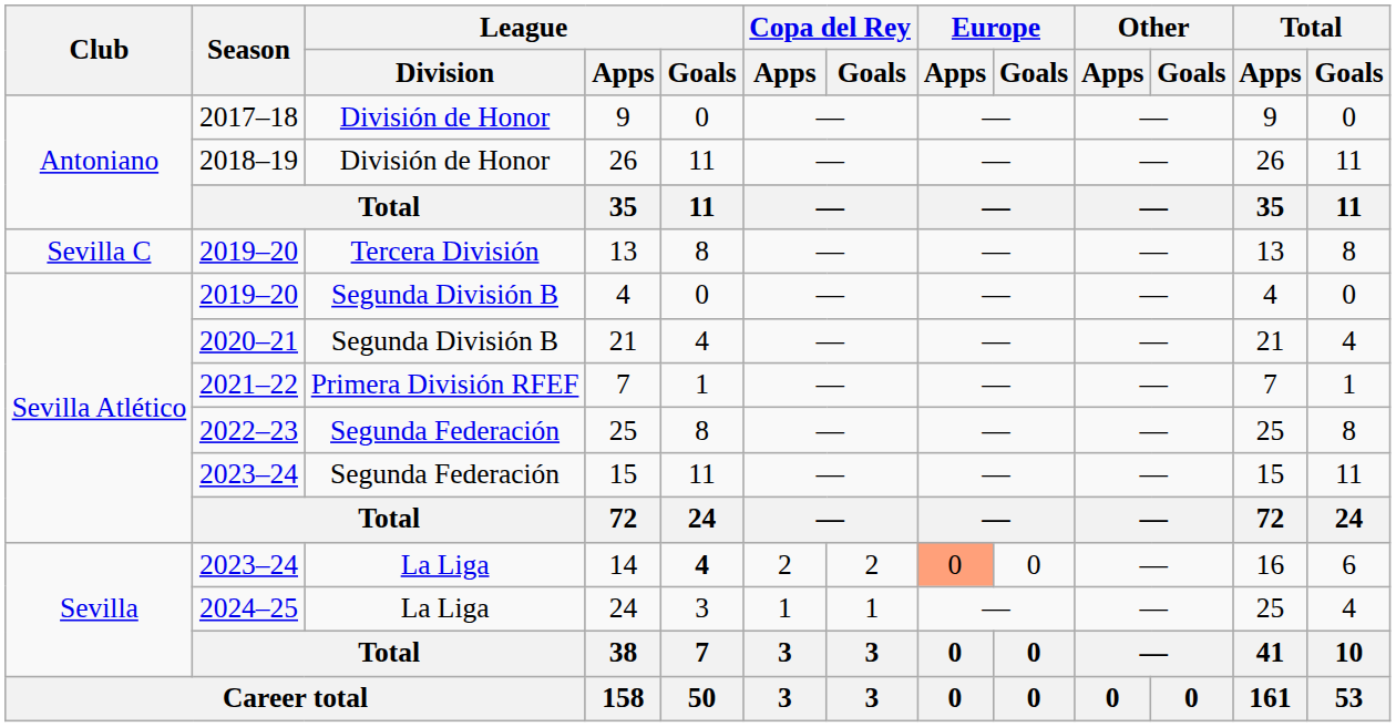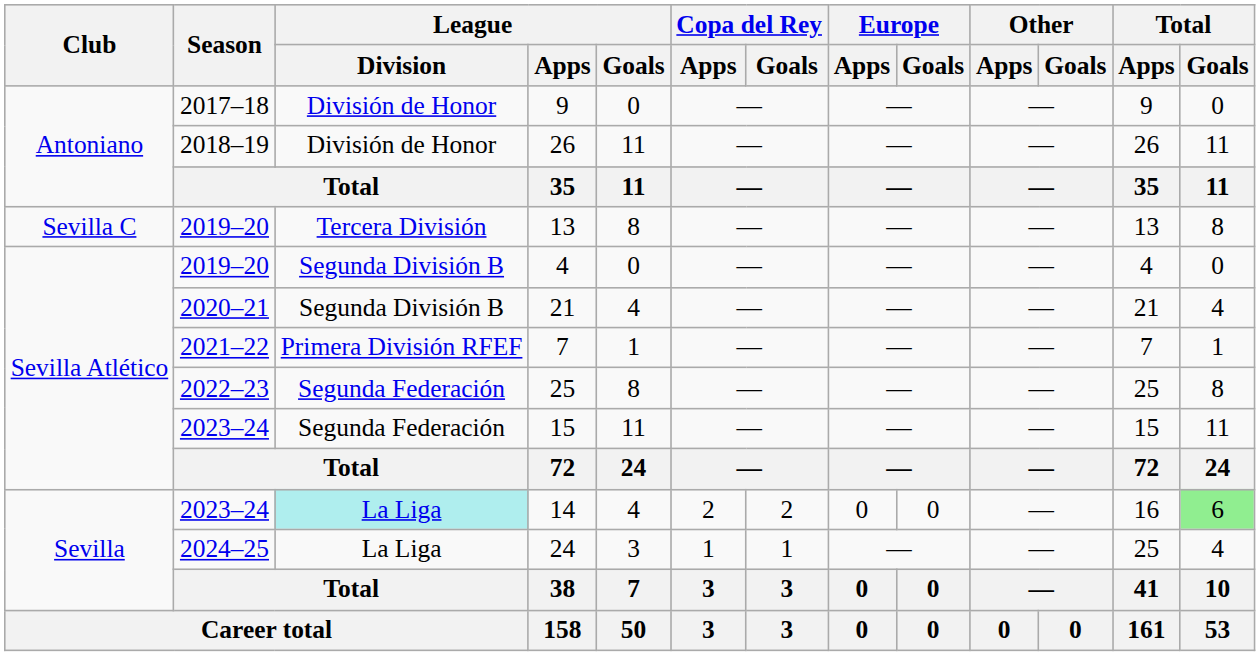 <table class="wikitable" style="text-align:center">
 <tr>
 <th rowspan="2">Club</th>
 <th rowspan="2">Season</th>
 <th colspan="3">League</th>
 <th colspan="2"><a href='#'>Copa del Rey</a></th>
 <th colspan="2"><a href='#'>Europe</a></th>
 <th colspan="2">Other</th>
 <th colspan="2">Total</th>
 </tr>
 <tr>
 <th>Division</th>
 <th>Apps</th>
 <th>Goals</th>
 <th>Apps</th>
 <th>Goals</th>
 <th>Apps</th>
 <th>Goals</th>
 <th>Apps</th>
 <th>Goals</th>
 <th>Apps</th>
 <th>Goals</th>
 </tr>
 <tr>
 <td rowspan="3"><a href='#'>Antoniano</a></td>
 <td>2017–18</td>
 <td><a href='#'>División de Honor</a></td>
 <td>9</td>
 <td>0</td>
 <td colspan="2">—</td>
 <td colspan="2">—</td>
 <td colspan="2">—</td>
 <td>9</td>
 <td>0</td>
 </tr>
 <tr>
 <td>2018–19</td>
 <td>División de Honor</td>
 <td>26</td>
 <td>11</td>
 <td colspan="2">—</td>
 <td colspan="2">—</td>
 <td colspan="2">—</td>
 <td>26</td>
 <td>11</td>
 </tr>
 <tr>
 <th colspan="2">Total</th>
 <th>35</th>
 <th>11</th>
 <th colspan="2">—</th>
 <th colspan="2">—</th>
 <th colspan="2">—</th>
 <th>35</th>
 <th>11</th>
 </tr>
 <tr>
 <td><a href='#'>Sevilla C</a></td>
 <td><a href='#'>2019–20</a></td>
 <td><a href='#'>Tercera División</a></td>
 <td>13</td>
 <td>8</td>
 <td colspan="2">—</td>
 <td colspan="2">—</td>
 <td colspan="2">—</td>
 <td>13</td>
 <td>8</td>
 </tr>
 <tr>
 <td rowspan="6"><a href='#'>Sevilla Atlético</a></td>
 <td><a href='#'>2019–20</a></td>
 <td><a href='#'>Segunda División B</a></td>
 <td>4</td>
 <td>0</td>
 <td colspan="2">—</td>
 <td colspan="2">—</td>
 <td colspan="2">—</td>
 <td>4</td>
 <td>0</td>
 </tr>
 <tr>
 <td><a href='#'>2020–21</a></td>
 <td>Segunda División B</td>
 <td>21</td>
 <td>4</td>
 <td colspan="2">—</td>
 <td colspan="2">—</td>
 <td colspan="2">—</td>
 <td>21</td>
 <td>4</td>
 </tr>
 <tr>
 <td><a href='#'>2021–22</a></td>
 <td><a href='#'>Primera División RFEF</a></td>
 <td>7</td>
 <td>1</td>
 <td colspan="2">—</td>
 <td colspan="2">—</td>
 <td colspan="2">—</td>
 <td>7</td>
 <td>1</td>
 </tr>
 <tr>
 <td><a href='#'>2022–23</a></td>
 <td><a href='#'>Segunda Federación</a></td>
 <td>25</td>
 <td>8</td>
 <td colspan="2">—</td>
 <td colspan="2">—</td>
 <td colspan="2">—</td>
 <td>25</td>
 <td>8</td>
 </tr>
 <tr>
 <td><a href='#'>2023–24</a></td>
 <td>Segunda Federación</td>
 <td>15</td>
 <td>11</td>
 <td colspan="2">—</td>
 <td colspan="2">—</td>
 <td colspan="2">—</td>
 <td>15</td>
 <td>11</td>
 </tr>
 <tr>
 <th colspan="2">Total</th>
 <th>72</th>
 <th>24</th>
 <th colspan="2">—</th>
 <th colspan="2">—</th>
 <th colspan="2">—</th>
 <th>72</th>
 <th>24</th>
 </tr>
 <tr>
 <td rowspan="3"><a href='#'>Sevilla</a></td>
 <td><a href='#'>2023–24</a></td>
-<td><a href='#'>La Liga</a></td>
+<td style="background: paleturquoise;"><a href='#'>La Liga</a></td>
 <td>14</td>
-<td><strong>4</strong></td>
+<td>4</td>
 <td>2</td>
 <td>2</td>
-<td style="background: lightsalmon;">0</td>
+<td>0</td>
 <td>0</td>
 <td colspan="2">—</td>
 <td>16</td>
-<td>6</td>
+<td style="background: lightgreen;">6</td>
 </tr>
 <tr>
 <td><a href='#'>2024–25</a></td>
 <td>La Liga</td>
 <td>24</td>
 <td>3</td>
 <td>1</td>
 <td>1</td>
 <td colspan="2">—</td>
 <td colspan="2">—</td>
 <td>25</td>
 <td>4</td>
 </tr>
 <tr>
 <th colspan="2">Total</th>
 <th>38</th>
 <th>7</th>
 <th>3</th>
 <th>3</th>
 <th>0</th>
 <th>0</th>
 <th colspan="2">—</th>
 <th>41</th>
 <th>10</th>
 </tr>
 <tr>
 <th colspan="3">Career total</th>
 <th>158</th>
 <th>50</th>
 <th>3</th>
 <th>3</th>
 <th>0</th>
 <th>0</th>
 <th>0</th>
 <th>0</th>
 <th>161</th>
 <th>53</th>
 </tr>
 </table>
